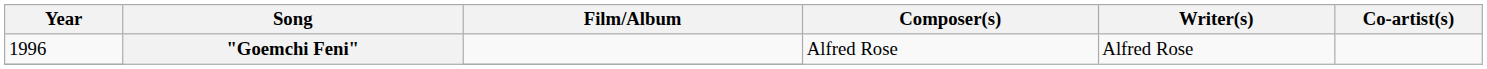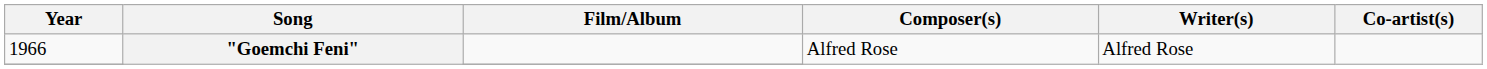 <table class="wikitable plainrowheaders" width="100%" textcolor:#000;">
 <tr>
 <th scope="col" width=8%>Year</th>
 <th scope="col" width=23%>Song</th>
 <th scope="col" width=23%>Film/Album</th>
 <th scope="col" width=20%>Composer(s)</th>
 <th scope="col" width=16%>Writer(s)</th>
 <th scope="col" width=18%>Co-artist(s)</th>
 </tr>
 <tr>
-<td rowspan= 1>1996</td>
+<td rowspan= 1>1966</td>
 <th rowspan="4">"Goemchi Feni"</th>
 <td></td>
 <td rowspan="4">Alfred Rose</td>
 <td rowspan="4">Alfred Rose</td>
 <td rowspan="4"></td>
 </tr>
 <tr>
 </tr>
 </table>
